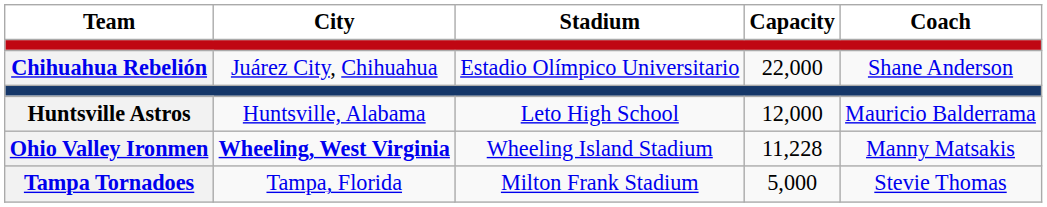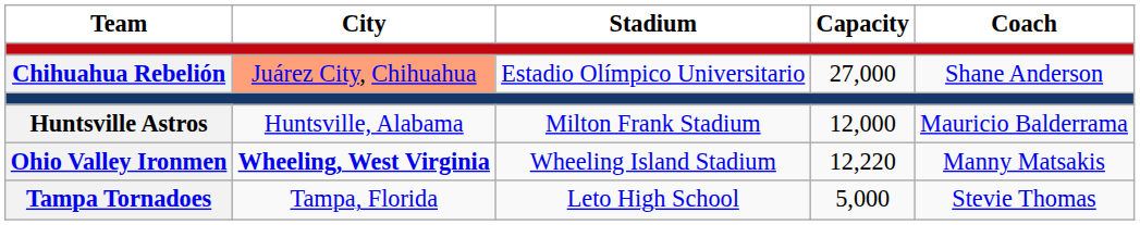 <table class="wikitable sortable" style="text-align:center">
 <tr>
 <th style="background:white" scope="col">Team</th>
 <th style="background:white" scope="col">City</th>
 <th style="background:white" scope="col">Stadium</th>
 <th style="background:white" scope="col">Capacity</th>
 <th style="background:white" scope="col">Coach</th>
 </tr>
 <tr>
 <th colspan="5" style="background:#C00712"></th>
 </tr>
 <tr id="Rarámuris de Ciudad Juárez">
 <th scope="row"><a href='#'>Chihuahua Rebelión</a></th>
-<td><a href='#'>Juárez City</a>, <a href='#'>Chihuahua</a></td>
+<td style="background: lightsalmon;"><a href='#'>Juárez City</a>, <a href='#'>Chihuahua</a></td>
 <td><a href='#'>Estadio Olímpico Universitario</a></td>
-<td>22,000</td>
+<td>27,000</td>
 <td><a href='#'>Shane Anderson</a></td>
 </tr>
 <tr>
 <th colspan="5" style="background:#153769"></th>
 </tr>
 <tr id="US Team">
 <th scope="row">Huntsville Astros</th>
 <td><a href='#'>Huntsville, Alabama</a></td>
-<td><a href='#'>Leto High School</a></td>
+<td><a href='#'>Milton Frank Stadium</a></td>
 <td>12,000</td>
 <td><a href='#'>Mauricio Balderrama</a></td>
 </tr>
 <tr>
 <th scope="row"><a href='#'>Ohio Valley Ironmen</a></th>
 <td><strong><a href='#'>Wheeling, West Virginia</a></strong></td>
 <td><a href='#'>Wheeling Island Stadium</a></td>
-<td>11,228</td>
+<td>12,220</td>
 <td><a href='#'>Manny Matsakis</a></td>
 </tr>
 <tr id="US Team">
 <th scope="row"><a href='#'>Tampa Tornadoes</a></th>
 <td><a href='#'>Tampa, Florida</a></td>
-<td><a href='#'>Milton Frank Stadium</a></td>
+<td><a href='#'>Leto High School</a></td>
 <td>5,000</td>
 <td><a href='#'>Stevie Thomas</a></td>
 </tr>
 </table>
